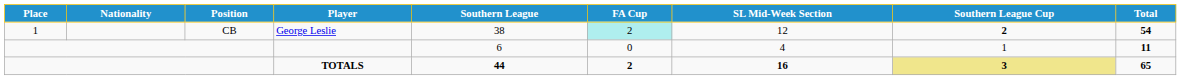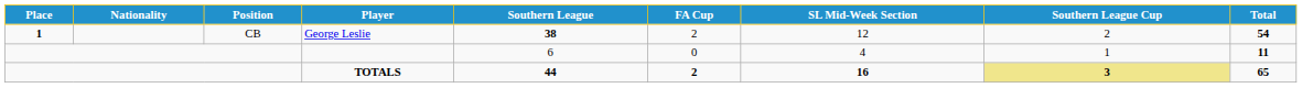 <table class="wikitable" style="text-align:center; font-size:90%; width:100%;">
 <tr>
 <th style="background:#2191CC; color:white; border:1px solid #F7C408; text-align:center;">Place</th>
 <th style="background:#2191CC; color:white; border:1px solid #F7C408; text-align:center;">Nationality</th>
 <th style="background:#2191CC; color:white; border:1px solid #F7C408; text-align:center;">Position</th>
 <th style="background:#2191CC; color:white; border:1px solid #F7C408; text-align:center;">Player</th>
 <th style="background:#2191CC; color:white; border:1px solid #F7C408; text-align:center;">Southern League</th>
 <th style="background:#2191CC; color:white; border:1px solid #F7C408; text-align:center;">FA Cup</th>
 <th style="background:#2191CC; color:white; border:1px solid #F7C408; text-align:center;">SL Mid-Week Section</th>
 <th style="background:#2191CC; color:white; border:1px solid #F7C408; text-align:center;">Southern League Cup</th>
 <th style="background:#2191CC; color:white; border:1px solid #F7C408; text-align:center;">Total</th>
 </tr>
 <tr>
-<td>1</td>
+<td><strong>1</strong></td>
 <td></td>
 <td>CB</td>
 <td align="left"><a href='#'>George Leslie</a></td>
-<td>38</td>
-<td style="background: paleturquoise;">2</td>
+<td><strong>38</strong></td>
+<td>2</td>
 <td>12</td>
-<td><strong>2</strong></td>
+<td>2</td>
 <td><strong>54</strong></td>
 </tr>
 <tr>
 <td colspan="3"></td>
 <td></td>
 <td>6</td>
 <td>0</td>
 <td>4</td>
 <td>1</td>
 <td><strong>11</strong></td>
 </tr>
 <tr>
 <td colspan="3"></td>
 <td><strong>TOTALS</strong></td>
 <td><strong>44</strong></td>
 <td><strong>2</strong></td>
 <td><strong>16</strong></td>
 <td style="background: khaki;"><strong>3</strong></td>
 <td><strong>65</strong></td>
 </tr>
 </table>
